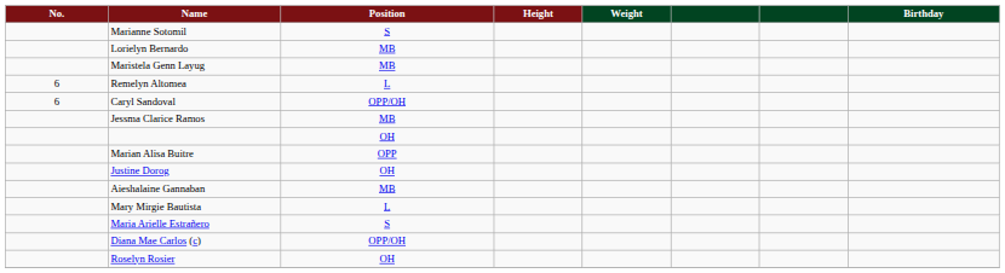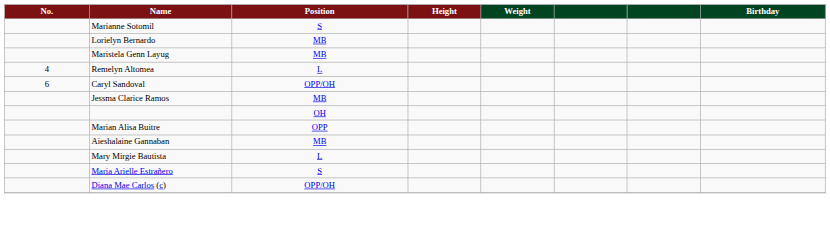 <table class="wikitable sortable" style="font-size:83%; text-align:center; width:100%;">
 <tr>
 <th style="background:#7b1113; color:white; text-align: center">No.</th>
 <th style="width:16em; background:#7b1113; color:white;">Name</th>
 <th style="background:#7b1113; color:white; text-align: center">Position</th>
 <th style="width:8em; background:#7b1113; color:white;">Height</th>
 <th style="width:8em; background:#014421; color:white;">Weight</th>
 <th style="width:8em; background:#014421; color:white;"></th>
 <th style="width:8em; background:#014421; color:white;"></th>
 <th style="width:14em; background:#014421; color:white;">Birthday</th>
 </tr>
 <tr>
 <td></td>
 <td align=left> Marianne Sotomil</td>
 <td><a href='#'>S</a></td>
 <td></td>
 <td></td>
 <td></td>
 <td></td>
 <td align=right></td>
 </tr>
 <tr>
 <td></td>
 <td align=left> Lorielyn Bernardo</td>
 <td><a href='#'>MB</a></td>
 <td></td>
 <td></td>
 <td></td>
 <td></td>
 <td align=right></td>
 </tr>
 <tr>
 <td></td>
 <td align=left> Maristela Genn Layug</td>
 <td><a href='#'>MB</a></td>
 <td></td>
 <td></td>
 <td></td>
 <td></td>
 <td align=right></td>
 </tr>
 <tr>
-<td>6</td>
+<td>4</td>
 <td align="left"> Remelyn Altomea</td>
 <td><a href='#'>L</a></td>
 <td></td>
 <td></td>
 <td></td>
 <td></td>
 <td align="right"></td>
 </tr>
 <tr>
 <td>6</td>
 <td align="left"> Caryl Sandoval</td>
 <td><a href='#'>OPP/OH</a></td>
 <td></td>
 <td></td>
 <td></td>
 <td></td>
 <td align="right"></td>
 </tr>
 <tr>
 <td></td>
 <td align=left> Jessma Clarice Ramos</td>
 <td><a href='#'>MB</a></td>
 <td></td>
 <td></td>
 <td></td>
 <td></td>
 <td align=right></td>
 </tr>
 <tr>
 <td></td>
 <td align=left> </td>
 <td><a href='#'>OH</a></td>
 <td></td>
 <td></td>
 <td></td>
 <td></td>
 <td align=right></td>
 </tr>
 <tr>
 <td></td>
 <td align=left> Marian Alisa Buitre</td>
 <td><a href='#'>OPP</a></td>
 <td></td>
 <td></td>
 <td></td>
 <td></td>
 <td align=right></td>
 </tr>
 <tr>
 <td></td>
-<td align=left> <a href='#'>Justine Dorog</a></td>
-<td><a href='#'>OH</a></td>
-<td></td>
-<td></td>
-<td></td>
-<td></td>
-<td align=right></td>
-</tr>
-<tr>
-<td></td>
 <td align=left> Aieshalaine Gannaban</td>
 <td><a href='#'>MB</a></td>
 <td></td>
 <td></td>
 <td></td>
 <td></td>
 <td align=right></td>
 </tr>
 <tr>
 <td></td>
 <td align=left> Mary Mirgie Bautista</td>
 <td><a href='#'>L</a></td>
 <td></td>
 <td></td>
 <td></td>
 <td></td>
 <td align=right></td>
 </tr>
 <tr>
 <td></td>
 <td align=left> <a href='#'>Maria Arielle Estrañero</a></td>
 <td><a href='#'>S</a></td>
 <td></td>
 <td></td>
 <td></td>
 <td></td>
 <td align=right></td>
 </tr>
 <tr>
 <td></td>
 <td align=left> <a href='#'>Diana Mae Carlos</a> (<a href='#'>c</a>)</td>
 <td><a href='#'>OPP/OH</a></td>
 <td></td>
 <td></td>
 <td></td>
 <td></td>
 <td align=right></td>
 </tr>
 <tr>
-<td></td>
-<td align=left> <a href='#'>Roselyn Rosier</a></td>
-<td><a href='#'>OH</a></td>
-<td></td>
-<td></td>
-<td></td>
-<td></td>
-<td align=right></td>
-</tr>
-<tr>
 </tr>
 </table>
